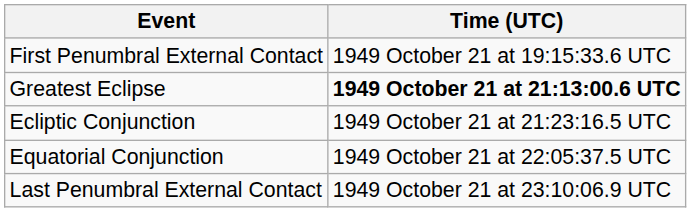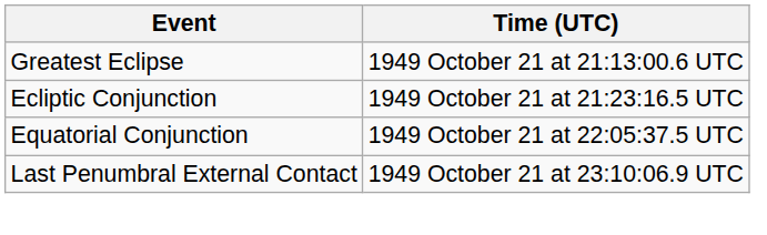 <table class="wikitable">
 <tr>
 <th>Event</th>
 <th>Time (UTC)</th>
 </tr>
 <tr>
-<td>First Penumbral External Contact</td>
-<td>1949 October 21 at 19:15:33.6 UTC</td>
-</tr>
-<tr>
 <td>Greatest Eclipse</td>
-<td><strong>1949 October 21 at 21:13:00.6 UTC</strong></td>
+<td>1949 October 21 at 21:13:00.6 UTC</td>
 </tr>
 <tr>
 <td>Ecliptic Conjunction</td>
 <td>1949 October 21 at 21:23:16.5 UTC</td>
 </tr>
 <tr>
 <td>Equatorial Conjunction</td>
 <td>1949 October 21 at 22:05:37.5 UTC</td>
 </tr>
 <tr>
 <td>Last Penumbral External Contact</td>
 <td>1949 October 21 at 23:10:06.9 UTC</td>
 </tr>
 </table>
